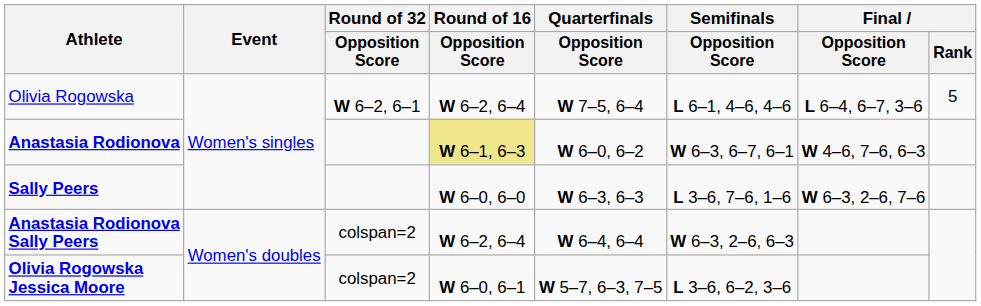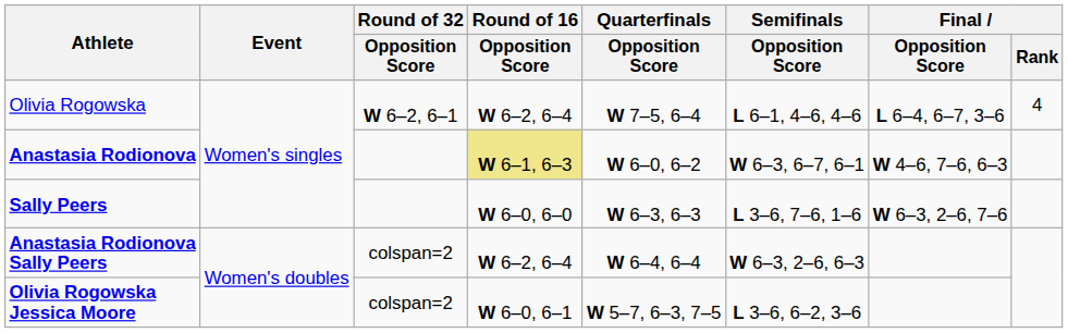 <table class=wikitable style="font-size:90%">
 <tr>
 <th rowspan="2">Athlete</th>
 <th rowspan="2">Event</th>
 <th>Round of 32</th>
 <th>Round of 16</th>
 <th>Quarterfinals</th>
 <th>Semifinals</th>
 <th colspan=2>Final / </th>
 </tr>
 <tr style="font-size:95%">
 <th>Opposition<br>Score</th>
 <th>Opposition<br>Score</th>
 <th>Opposition<br>Score</th>
 <th>Opposition<br>Score</th>
 <th>Opposition<br>Score</th>
 <th>Rank</th>
 </tr>
 <tr align=center>
 <td align=left><a href='#'>Olivia Rogowska</a></td>
 <td align=left rowspan=3><a href='#'>Women's singles</a></td>
 <td><br><strong>W</strong> 6–2, 6–1</td>
 <td><br><strong>W</strong> 6–2, 6–4</td>
 <td><br><strong>W</strong> 7–5, 6–4</td>
 <td><br><strong>L</strong> 6–1, 4–6, 4–6</td>
 <td><br><strong>L</strong> 6–4, 6–7, 3–6</td>
-<td>5</td>
+<td>4</td>
 </tr>
 <tr align=center>
 <td align=left><strong><a href='#'>Anastasia Rodionova</a></strong></td>
 <td></td>
 <td style="background: khaki;"><br><strong>W</strong> 6–1, 6–3</td>
 <td><br><strong>W</strong> 6–0, 6–2</td>
 <td><br><strong>W</strong> 6–3, 6–7, 6–1</td>
 <td><br><strong>W</strong> 4–6, 7–6, 6–3</td>
 <td></td>
 </tr>
 <tr align=center>
 <td align=left><strong><a href='#'>Sally Peers</a></strong></td>
 <td></td>
 <td><br><strong>W</strong> 6–0, 6–0</td>
 <td><br><strong>W</strong> 6–3, 6–3</td>
 <td><br><strong>L</strong> 3–6, 7–6, 1–6</td>
 <td><br><strong>W</strong> 6–3, 2–6, 7–6</td>
 <td></td>
 </tr>
 <tr align=center>
 <td align=left><strong><a href='#'>Anastasia Rodionova</a><br><a href='#'>Sally Peers</a></strong></td>
 <td align=left rowspan=2><a href='#'>Women's doubles</a></td>
 <td>colspan=2 </td>
 <td><br><strong>W</strong> 6–2, 6–4</td>
 <td><br><strong>W</strong> 6–4, 6–4</td>
 <td><br><strong>W</strong> 6–3, 2–6, 6–3</td>
 <td></td>
 </tr>
 <tr align=center>
 <td align=left><strong><a href='#'>Olivia Rogowska</a><br><a href='#'>Jessica Moore</a></strong></td>
 <td>colspan=2 </td>
 <td><br><strong>W</strong> 6–0, 6–1</td>
 <td><br><strong>W</strong> 5–7, 6–3, 7–5</td>
 <td><br><strong>L</strong> 3–6, 6–2, 3–6</td>
 <td></td>
 </tr>
 </table>
